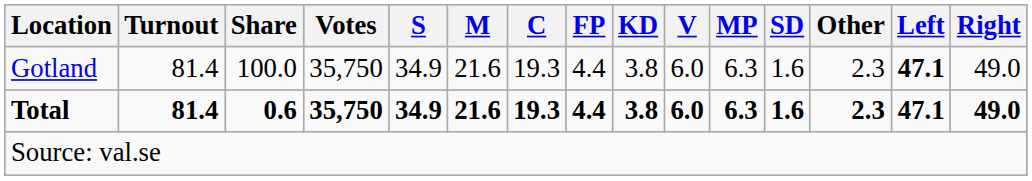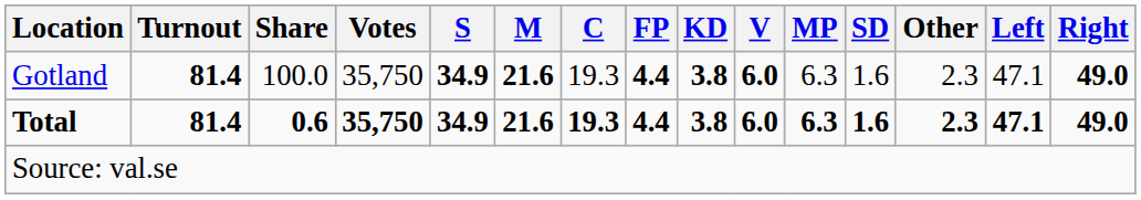 <table class="wikitable sortable" style=text-align:right>
 <tr>
 <th>Location</th>
 <th>Turnout</th>
 <th>Share</th>
 <th>Votes</th>
 <th><a href='#'>S</a></th>
 <th><a href='#'>M</a></th>
 <th><a href='#'>C</a></th>
 <th><a href='#'>FP</a></th>
 <th><a href='#'>KD</a></th>
 <th><a href='#'>V</a></th>
 <th><a href='#'>MP</a></th>
 <th><a href='#'>SD</a></th>
 <th>Other</th>
 <th><a href='#'>Left</a></th>
 <th><a href='#'>Right</a></th>
 </tr>
 <tr>
 <td align=left><a href='#'>Gotland</a></td>
-<td>81.4</td>
+<td><strong>81.4</strong></td>
 <td>100.0</td>
 <td>35,750</td>
-<td>34.9</td>
-<td>21.6</td>
+<td><strong>34.9</strong></td>
+<td><strong>21.6</strong></td>
 <td>19.3</td>
-<td>4.4</td>
-<td>3.8</td>
-<td>6.0</td>
+<td><strong>4.4</strong></td>
+<td><strong>3.8</strong></td>
+<td><strong>6.0</strong></td>
 <td>6.3</td>
 <td>1.6</td>
 <td>2.3</td>
-<td><strong>47.1</strong></td>
-<td>49.0</td>
+<td>47.1</td>
+<td><strong>49.0</strong></td>
 </tr>
 <tr>
 <td align=left><strong>Total</strong></td>
 <td><strong>81.4</strong></td>
 <td><strong>0.6</strong></td>
 <td><strong>35,750</strong></td>
 <td><strong>34.9</strong></td>
 <td><strong>21.6</strong></td>
 <td><strong>19.3</strong></td>
 <td><strong>4.4</strong></td>
 <td><strong>3.8</strong></td>
 <td><strong>6.0</strong></td>
 <td><strong>6.3</strong></td>
 <td><strong>1.6</strong></td>
 <td><strong>2.3</strong></td>
 <td><strong>47.1</strong></td>
 <td><strong>49.0</strong></td>
 </tr>
 <tr>
 <td align=left colspan=15>Source: val.se </td>
 </tr>
 </table>
